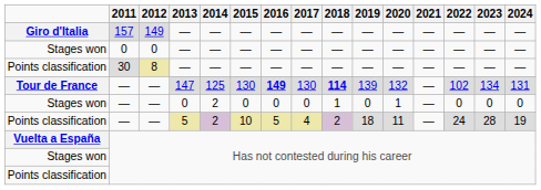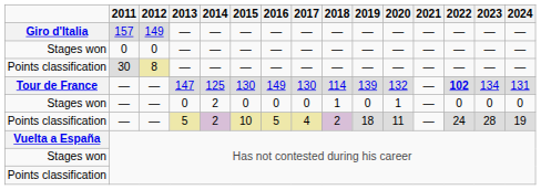 <table class="wikitable">
 <tr>
 <td></td>
 <th scope="col">2011</th>
 <th scope="col">2012</th>
 <th scope="col">2013</th>
 <th scope="col">2014</th>
 <th scope="col">2015</th>
 <th scope="col">2016</th>
 <th scope="col">2017</th>
 <th scope="col">2018</th>
 <th scope="col">2019</th>
 <th scope="col">2020</th>
 <th scope="col">2021</th>
 <th scope="col">2022</th>
 <th scope="col">2023</th>
 <th scope="col">2024</th>
 </tr>
 <tr style="text-align:center;">
 <th><a href='#'>Giro d'Italia</a></th>
 <td style="background:#DDDDDD;"><a href='#'>157</a></td>
 <td style="background:#DDDDDD;"><a href='#'>149</a></td>
 <td>—</td>
 <td>—</td>
 <td>—</td>
 <td>—</td>
 <td>—</td>
 <td>—</td>
 <td>—</td>
 <td>—</td>
 <td>—</td>
 <td>—</td>
 <td>—</td>
 <td>—</td>
 </tr>
 <tr style="text-align:center;">
 <td style="text-align:right;">Stages won</td>
 <td>0</td>
 <td>0</td>
 <td>—</td>
 <td>—</td>
 <td>—</td>
 <td>—</td>
 <td>—</td>
 <td>—</td>
 <td>—</td>
 <td>—</td>
 <td>—</td>
 <td>—</td>
 <td>—</td>
 <td>—</td>
 </tr>
 <tr style="text-align:center;">
 <td style="text-align:right;">Points classification</td>
 <td style="background:#DDDDDD;">30</td>
 <td style="background:#EEE8AA;">8</td>
 <td>—</td>
 <td>—</td>
 <td>—</td>
 <td>—</td>
 <td>—</td>
 <td>—</td>
 <td>—</td>
 <td>—</td>
 <td>—</td>
 <td>—</td>
 <td>—</td>
 <td>—</td>
 </tr>
 <tr style="text-align:center;">
 <th><a href='#'>Tour de France</a></th>
 <td>—</td>
 <td>—</td>
 <td style="background:#DDDDDD;"><a href='#'>147</a></td>
 <td style="background:#DDDDDD;"><a href='#'>125</a></td>
 <td style="background:#DDDDDD;"><a href='#'>130</a></td>
-<td style="background:#DDDDDD;"><strong><a href='#'>149</a></strong></td>
+<td style="background:#DDDDDD;"><a href='#'>149</a></td>
 <td style="background:#DDDDDD;"><a href='#'>130</a></td>
-<td style="background:#DDDDDD;"><strong><a href='#'>114</a></strong></td>
+<td style="background:#DDDDDD;"><a href='#'>114</a></td>
 <td style="background:#DDDDDD;"><a href='#'>139</a></td>
 <td style="background:#DDDDDD;"><a href='#'>132</a></td>
 <td>—</td>
-<td style="background:#DDDDDD;"><a href='#'>102</a></td>
+<td style="background:#DDDDDD;"><strong><a href='#'>102</a></strong></td>
 <td style="background:#DDDDDD;"><a href='#'>134</a></td>
 <td style="background:#DDDDDD;"><a href='#'>131</a></td>
 </tr>
 <tr style="text-align:center;">
 <td style="text-align:right;">Stages won</td>
 <td>—</td>
 <td>—</td>
 <td>0</td>
 <td>2</td>
 <td>0</td>
 <td>0</td>
 <td>0</td>
 <td>1</td>
 <td>0</td>
 <td>1</td>
 <td>—</td>
 <td>0</td>
 <td>0</td>
 <td>0</td>
 </tr>
 <tr style="text-align:center;">
 <td style="text-align:right;">Points classification</td>
 <td>—</td>
 <td>—</td>
 <td style="background:#EEE8AA;">5</td>
 <td style="background:#D8BFD8;">2</td>
 <td style="background:#EEE8AA;">10</td>
 <td style="background:#EEE8AA;">5</td>
 <td style="background:#EEE8AA;">4</td>
 <td style="background:#D8BFD8;">2</td>
 <td style="background:#DDDDDD;">18</td>
 <td style="background:#DDDDDD;">11</td>
 <td>—</td>
 <td style="background:#DDDDDD;">24</td>
 <td style="background:#DDDDDD;">28</td>
 <td style="background:#DDDDDD;">19</td>
 </tr>
 <tr style="text-align:center;">
 <th><a href='#'>Vuelta a España</a></th>
 <td style="color:#4d4d4d;" colspan=14 rowspan=3>Has not contested during his career</td>
 </tr>
 <tr>
 <td style="text-align:right;">Stages won</td>
 </tr>
 <tr>
 <td style="text-align:right;">Points classification</td>
 </tr>
 </table>
